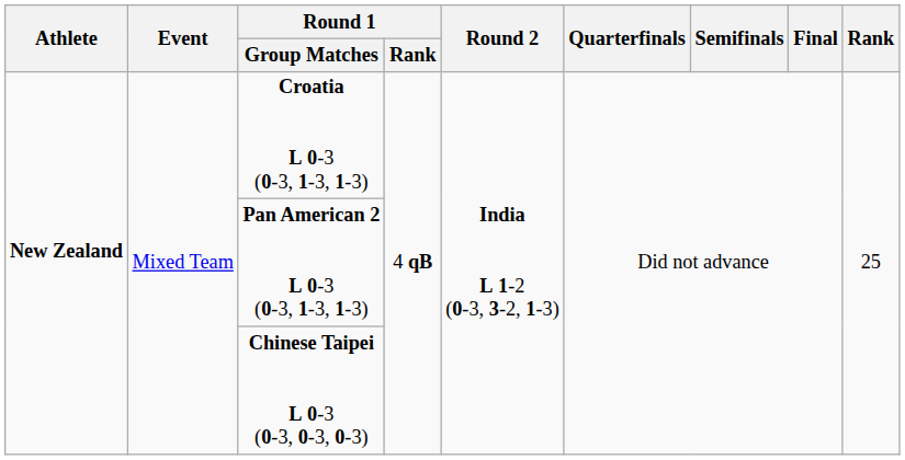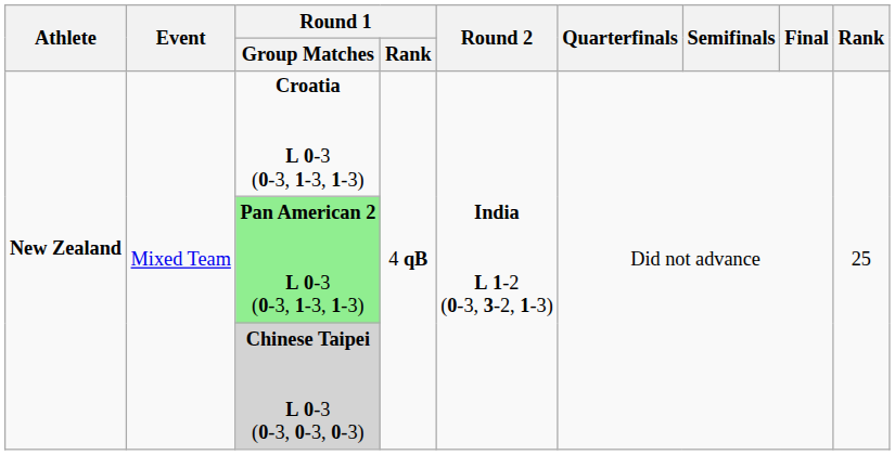 <table class="wikitable" border="1" style="font-size:90%">
 <tr>
 <th rowspan=2>Athlete</th>
 <th rowspan=2>Event</th>
 <th colspan=2>Round 1</th>
 <th rowspan=2>Round 2</th>
 <th rowspan=2>Quarterfinals</th>
 <th rowspan=2>Semifinals</th>
 <th rowspan=2>Final</th>
 <th rowspan=2>Rank</th>
 </tr>
 <tr>
 <th>Group Matches</th>
 <th>Rank</th>
 </tr>
 <tr>
 <td rowspan=3><strong>New Zealand</strong><br><br></td>
 <td rowspan=3><a href='#'>Mixed Team</a></td>
 <td align=center><strong>Croatia</strong><br><br><br> <strong>L</strong> <strong>0</strong>-3 <br> (<strong>0</strong>-3, <strong>1</strong>-3, <strong>1</strong>-3)</td>
 <td rowspan=3 align=center>4 <strong>qB</strong></td>
 <td align=center rowspan=3><strong>India</strong><br><br><br> <strong>L</strong> <strong>1</strong>-2 <br> (<strong>0</strong>-3, <strong>3</strong>-2, <strong>1</strong>-3)</td>
 <td rowspan=3 colspan=3 align=center>Did not advance</td>
 <td rowspan=3 align=center>25</td>
 </tr>
 <tr>
-<td align=center><strong>Pan American 2</strong><br><br><br> <strong>L</strong> <strong>0</strong>-3 <br> (<strong>0</strong>-3, <strong>1</strong>-3, <strong>1</strong>-3)</td>
+<td align=center style="background: lightgreen;"><strong>Pan American 2</strong><br><br><br> <strong>L</strong> <strong>0</strong>-3 <br> (<strong>0</strong>-3, <strong>1</strong>-3, <strong>1</strong>-3)</td>
 </tr>
 <tr>
-<td align=center><strong>Chinese Taipei</strong><br><br><br> <strong>L</strong> <strong>0</strong>-3 <br> (<strong>0</strong>-3, <strong>0</strong>-3, <strong>0</strong>-3)</td>
+<td align=center style="background: lightgrey;"><strong>Chinese Taipei</strong><br><br><br> <strong>L</strong> <strong>0</strong>-3 <br> (<strong>0</strong>-3, <strong>0</strong>-3, <strong>0</strong>-3)</td>
 </tr>
 </table>
